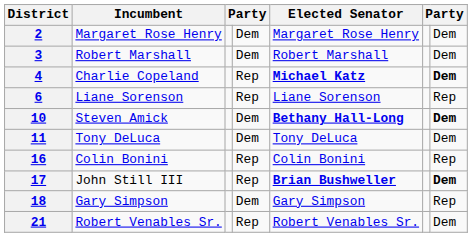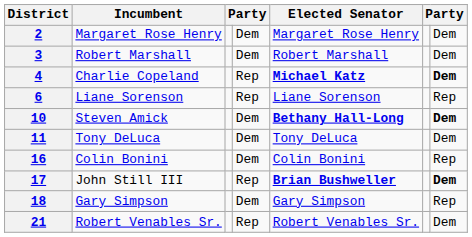 <table class="sortable wikitable" style="font-size:95%;line-height:14px;">
 <tr>
 <th colspan="1">District</th>
 <th class="unsortable">Incumbent</th>
 <th colspan="2">Party</th>
 <th class="unsortable">Elected Senator</th>
 <th colspan="2">Party</th>
 </tr>
 <tr>
 <th><a href='#'>2</a></th>
 <td><a href='#'>Margaret Rose Henry</a></td>
 <td style="background:"></td>
 <td>Dem</td>
 <td><a href='#'>Margaret Rose Henry</a></td>
 <td style="background:"></td>
 <td>Dem</td>
 </tr>
 <tr>
 <th><a href='#'>3</a></th>
 <td><a href='#'>Robert Marshall</a></td>
 <td style="background:"></td>
 <td>Dem</td>
 <td><a href='#'>Robert Marshall</a></td>
 <td style="background:"></td>
 <td>Dem</td>
 </tr>
 <tr>
 <th><a href='#'>4</a></th>
 <td><a href='#'>Charlie Copeland</a></td>
 <td style="background:"></td>
 <td>Rep</td>
 <td><strong><a href='#'>Michael Katz</a></strong></td>
 <td style="background:"></td>
 <td><strong>Dem</strong></td>
 </tr>
 <tr>
 <th><a href='#'>6</a></th>
 <td><a href='#'>Liane Sorenson</a></td>
 <td style="background:"></td>
 <td>Rep</td>
 <td><a href='#'>Liane Sorenson</a></td>
 <td style="background:"></td>
 <td>Rep</td>
 </tr>
 <tr>
 <th><a href='#'>10</a></th>
 <td><a href='#'>Steven Amick</a></td>
 <td style="background:"></td>
 <td>Dem</td>
 <td><strong><a href='#'>Bethany Hall-Long</a></strong></td>
 <td style="background:"></td>
 <td><strong>Dem</strong></td>
 </tr>
 <tr>
 <th><a href='#'>11</a></th>
 <td><a href='#'>Tony DeLuca</a></td>
 <td style="background:"></td>
 <td>Dem</td>
 <td><a href='#'>Tony DeLuca</a></td>
 <td style="background:"></td>
 <td>Dem</td>
 </tr>
 <tr>
 <th><a href='#'>16</a></th>
 <td><a href='#'>Colin Bonini</a></td>
 <td style="background:"></td>
-<td>Rep</td>
+<td>Dem</td>
 <td><a href='#'>Colin Bonini</a></td>
 <td style="background:"></td>
 <td>Rep</td>
 </tr>
 <tr>
 <th><a href='#'>17</a></th>
 <td>John Still III</td>
 <td style="background:"></td>
 <td>Rep</td>
 <td><strong><a href='#'>Brian Bushweller</a></strong></td>
 <td style="background:"></td>
 <td><strong>Dem</strong></td>
 </tr>
 <tr>
 <th><a href='#'>18</a></th>
 <td><a href='#'>Gary Simpson</a></td>
 <td style="background:"></td>
 <td>Dem</td>
 <td><a href='#'>Gary Simpson</a></td>
 <td style="background:"></td>
 <td>Rep</td>
 </tr>
 <tr>
 <th><a href='#'>21</a></th>
 <td><a href='#'>Robert Venables Sr.</a></td>
 <td style="background:"></td>
 <td>Rep</td>
 <td><a href='#'>Robert Venables Sr.</a></td>
 <td style="background:"></td>
 <td>Dem</td>
 </tr>
 </table>
